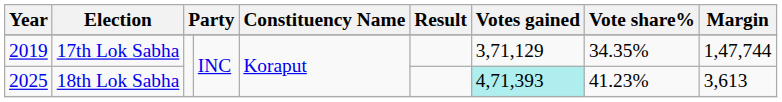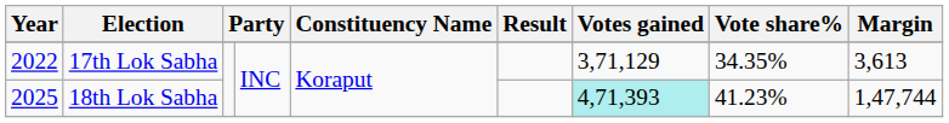 <table class="wikitable">
 <tr>
 <th>Year</th>
 <th>Election</th>
 <th colspan="2">Party</th>
 <th>Constituency Name</th>
 <th>Result</th>
 <th>Votes gained</th>
 <th>Vote share%</th>
 <th>Margin</th>
 </tr>
 <tr>
 </tr>
 <tr>
-<td><a href='#'>2019</a></td>
+<td><a href='#'>2022</a></td>
 <td><a href='#'>17th Lok Sabha</a></td>
 <td rowspan="2" style="background-color: "></td>
 <td rowspan="2"><a href='#'>INC</a></td>
 <td rowspan=2><a href='#'>Koraput</a></td>
 <td></td>
 <td>3,71,129</td>
 <td>34.35%</td>
-<td>1,47,744</td>
+<td>3,613</td>
 </tr>
 <tr>
 <td><a href='#'>2025</a></td>
 <td><a href='#'>18th Lok Sabha</a></td>
 <td></td>
 <td style="background: paleturquoise;">4,71,393</td>
 <td>41.23%</td>
-<td>3,613</td>
+<td>1,47,744</td>
 </tr>
 <tr>
 </tr>
 </table>
